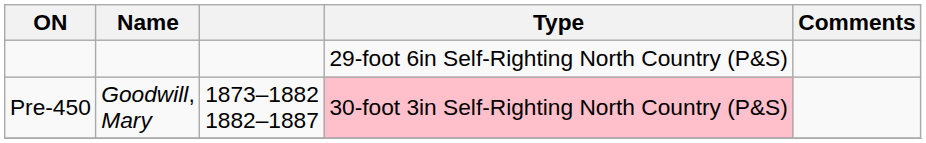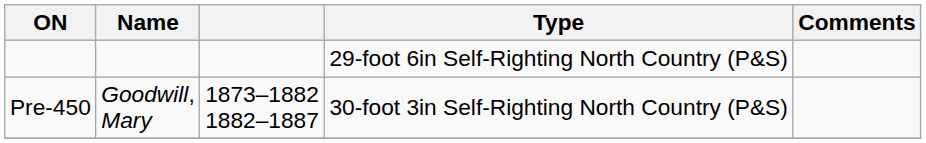 <table class="wikitable">
 <tr>
 <th>ON</th>
 <th>Name</th>
 <th></th>
 <th>Type</th>
 <th>Comments</th>
 </tr>
 <tr>
 <td></td>
 <td></td>
 <td></td>
 <td>29-foot 6in Self-Righting North Country (P&S)</td>
 <td><br></td>
 </tr>
 <tr>
 <td>Pre-450</td>
 <td {{nowrap><em>Goodwill</em>,<br><em>Mary</em></td>
 <td>1873–1882<br>1882–1887</td>
-<td style="background: pink;">30-foot 3in Self-Righting North Country (P&S)</td>
+<td>30-foot 3in Self-Righting North Country (P&S)</td>
 <td></td>
 </tr>
 <tr>
 </tr>
 </table>
